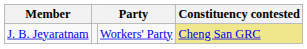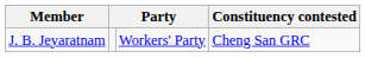 <table class="wikitable sortable">
 <tr>
 <th>Member</th>
 <th colspan="2">Party</th>
 <th>Constituency contested</th>
 </tr>
 <tr>
 <td><a href='#'>J. B. Jeyaratnam</a></td>
 <td></td>
 <td><a href='#'>Workers' Party</a></td>
-<td style="background: khaki;"><a href='#'>Cheng San GRC</a></td>
+<td><a href='#'>Cheng San GRC</a></td>
 </tr>
 </table>
